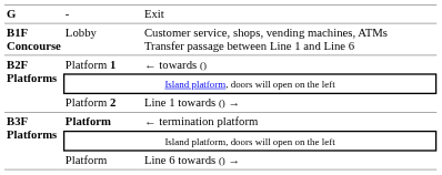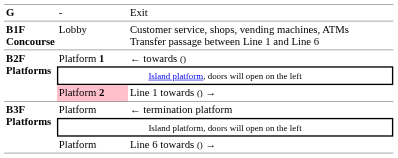 <table table border=0 cellspacing=0 cellpadding=3>
 <tr>
 <td style="border-top:solid 1px gray;" width=50 valign=top><strong>G</strong></td>
 <td style="border-top:solid 1px gray;" width=100 valign=top>-</td>
 <td style="border-top:solid 1px gray;" width=390 valign=top>Exit</td>
 </tr>
 <tr>
 <td style="border-bottom:solid 1px gray; border-top:solid 1px gray;" valign=top width=50><strong>B1F<br>Concourse</strong></td>
 <td style="border-bottom:solid 1px gray; border-top:solid 1px gray;" valign=top width=100>Lobby</td>
 <td style="border-bottom:solid 1px gray; border-top:solid 1px gray;" valign=top width=390>Customer service, shops, vending machines, ATMs<br>Transfer passage between Line 1 and Line 6</td>
 </tr>
 <tr>
 <td style="border-bottom:solid 1px gray;" rowspan=3 valign=top><strong>B2F<br>Platforms</strong></td>
 <td>Platform <strong>1</strong></td>
 <td>←  towards  <small>()</small></td>
 </tr>
 <tr>
 <td style="border-right:solid 2px black;border-left:solid 2px black;border-top:solid 2px black;border-bottom:solid 2px black;text-align:center;" colspan=2><small><a href='#'>Island platform</a>, doors will open on the left</small></td>
 </tr>
 <tr>
-<td style="border-bottom:solid 1px gray;">Platform <strong>2</strong></td>
+<td style="background: pink; border-bottom:solid 1px gray;">Platform <strong>2</strong></td>
 <td style="border-bottom:solid 1px gray;">  Line 1 towards  <small>()</small> →</td>
 </tr>
 <tr>
 <td style="border-bottom:solid 1px gray;" rowspan="6" valign=top><strong>B3F<br>Platforms</strong></td>
-<td><strong>Platform</strong></td>
+<td>Platform</td>
 <td>←  termination platform</td>
 </tr>
 <tr>
 <td style="border-right:solid 2px black;border-left:solid 2px black;border-top:solid 2px black;border-bottom:solid 2px black;text-align:center;" colspan=2><small>Island platform, doors will open on the left</small></td>
 </tr>
 <tr>
 <td style="border-bottom:solid 1px gray;">Platform</td>
 <td style="border-bottom:solid 1px gray;">  Line 6 towards  <small>()</small> →</td>
 </tr>
 </table>
